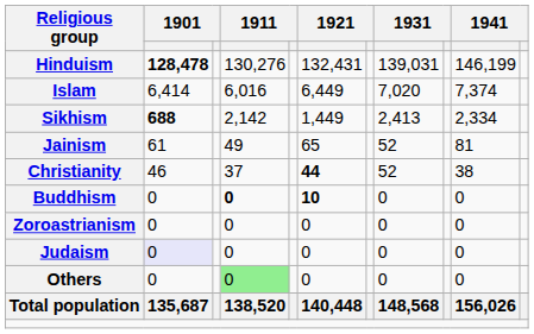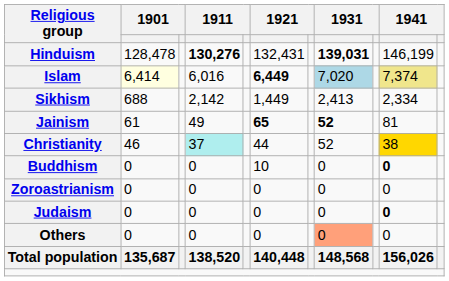 <table class="wikitable sortable">
 <tr>
 <th rowspan="2"><a href='#'>Religious</a><br>group</th>
 <th colspan="2">1901</th>
 <th colspan="2">1911</th>
 <th colspan="2">1921</th>
 <th colspan="2">1931</th>
 <th colspan="2">1941</th>
 </tr>
 <tr>
 <th><a href='#'></a></th>
 <th></th>
 <th></th>
 <th></th>
 <th></th>
 <th></th>
 <th></th>
 <th></th>
 <th></th>
 <th></th>
 </tr>
 <tr>
 <th><a href='#'>Hinduism</a> </th>
-<td><strong>128,478</strong></td>
+<td>128,478</td>
 <td></td>
-<td>130,276</td>
+<td><strong>130,276</strong></td>
 <td></td>
 <td>132,431</td>
 <td></td>
-<td>139,031</td>
+<td><strong>139,031</strong></td>
 <td></td>
 <td>146,199</td>
 <td></td>
 </tr>
 <tr>
 <th><a href='#'>Islam</a> </th>
-<td>6,414</td>
+<td style="background: lightyellow;">6,414</td>
 <td></td>
 <td>6,016</td>
 <td></td>
-<td>6,449</td>
+<td><strong>6,449</strong></td>
 <td></td>
-<td>7,020</td>
+<td style="background: lightblue;">7,020</td>
 <td></td>
-<td>7,374</td>
+<td style="background: khaki;">7,374</td>
 <td></td>
 </tr>
 <tr>
 <th><a href='#'>Sikhism</a> </th>
-<td><strong>688</strong></td>
+<td>688</td>
 <td></td>
 <td>2,142</td>
 <td></td>
 <td>1,449</td>
 <td></td>
 <td>2,413</td>
 <td></td>
 <td>2,334</td>
 <td></td>
 </tr>
 <tr>
 <th><a href='#'>Jainism</a> </th>
 <td>61</td>
 <td></td>
 <td>49</td>
 <td></td>
-<td>65</td>
+<td><strong>65</strong></td>
 <td></td>
-<td>52</td>
+<td><strong>52</strong></td>
 <td></td>
 <td>81</td>
 <td></td>
 </tr>
 <tr>
 <th><a href='#'>Christianity</a> </th>
 <td>46</td>
 <td></td>
-<td>37</td>
+<td style="background: paleturquoise;">37</td>
 <td></td>
-<td><strong>44</strong></td>
+<td>44</td>
 <td></td>
 <td>52</td>
 <td></td>
-<td>38</td>
+<td style="background: gold;">38</td>
 <td></td>
 </tr>
 <tr>
 <th><a href='#'>Buddhism</a> </th>
 <td>0</td>
 <td></td>
-<td><strong>0</strong></td>
+<td>0</td>
 <td></td>
-<td><strong>10</strong></td>
+<td>10</td>
 <td></td>
 <td>0</td>
 <td></td>
-<td>0</td>
+<td><strong>0</strong></td>
 <td></td>
 </tr>
 <tr>
 <th><a href='#'>Zoroastrianism</a> </th>
 <td>0</td>
 <td></td>
 <td>0</td>
 <td></td>
 <td>0</td>
 <td></td>
 <td>0</td>
 <td></td>
 <td>0</td>
 <td></td>
 </tr>
 <tr>
 <th><a href='#'>Judaism</a> </th>
-<td style="background: lavender;">0</td>
-<td></td>
 <td>0</td>
 <td></td>
 <td>0</td>
 <td></td>
 <td>0</td>
 <td></td>
 <td>0</td>
 <td></td>
+<td><strong>0</strong></td>
+<td></td>
 </tr>
 <tr>
 <th>Others</th>
 <td>0</td>
 <td></td>
-<td style="background: lightgreen;">0</td>
+<td>0</td>
 <td></td>
 <td>0</td>
 <td></td>
-<td>0</td>
+<td style="background: lightsalmon;">0</td>
 <td></td>
 <td>0</td>
 <td></td>
 </tr>
 <tr>
 <th>Total population</th>
 <th>135,687</th>
 <th></th>
 <th>138,520</th>
 <th></th>
 <th>140,448</th>
 <th></th>
 <th>148,568</th>
 <th></th>
 <th>156,026</th>
 <th></th>
 </tr>
 <tr class="sortbottom">
 <td colspan="11"></td>
 </tr>
 </table>
